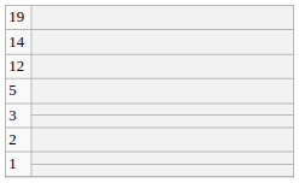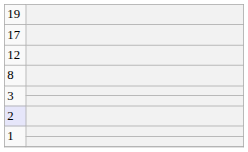 <table class="wikitable plainrowheaders" width="300px">
 <tr>
 <td width="20">19</td>
 <th scope=row></th>
 </tr>
 <tr>
-<td width="20">14</td>
+<td width="20">17</td>
 <th scope=row></th>
 </tr>
 <tr>
 <td width="20">12</td>
 <th scope=row></th>
 </tr>
 <tr>
-<td width="20">5</td>
+<td width="20">8</td>
 <th scope=row></th>
 </tr>
 <tr>
 <td rowspan=2>3</td>
 <th scope=row></th>
 </tr>
 <tr>
 <th scope=row></th>
 </tr>
 <tr>
-<td width="20">2</td>
+<td width="20" style="background: lavender;">2</td>
 <th scope=row></th>
 </tr>
 <tr>
 <td rowspan=2>1</td>
 <th scope=row></th>
 </tr>
 <tr>
 <th scope=row></th>
 </tr>
 <tr>
 </tr>
 </table>
